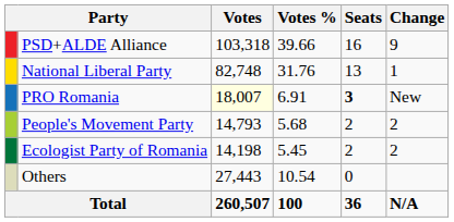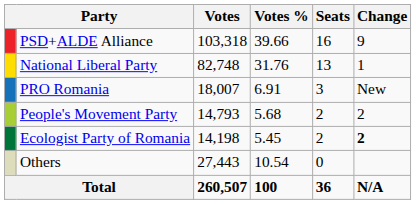 <table class="wikitable">
 <tr>
 <th colspan="2">Party</th>
 <th>Votes</th>
 <th>Votes %</th>
 <th>Seats</th>
 <th>Change</th>
 </tr>
 <tr>
 <td style="background:#ed2128;" width="5"></td>
 <td><a href='#'>PSD</a>+<a href='#'>ALDE</a> Alliance</td>
 <td>103,318</td>
 <td>39.66</td>
 <td>16</td>
 <td>9</td>
 </tr>
 <tr>
 <td style="background:#ffdd00;" width="5"></td>
 <td><a href='#'>National Liberal Party</a></td>
 <td>82,748</td>
 <td>31.76</td>
 <td>13</td>
 <td>1</td>
 </tr>
 <tr>
 <td style="background:#1572ba;" width="5"></td>
 <td><a href='#'>PRO Romania</a></td>
-<td style="background: lightyellow;">18,007</td>
+<td>18,007</td>
 <td>6.91</td>
-<td><strong>3</strong></td>
+<td>3</td>
 <td>New</td>
 </tr>
 <tr>
 <td style="background:#a7cf35;" width="5"></td>
 <td><a href='#'>People's Movement Party</a></td>
 <td>14,793</td>
 <td>5.68</td>
 <td>2</td>
 <td>2</td>
 </tr>
 <tr>
 <td style="background:#00753A;" width="5"></td>
 <td><a href='#'>Ecologist Party of Romania</a></td>
 <td>14,198</td>
 <td>5.45</td>
 <td>2</td>
-<td>2</td>
+<td><strong>2</strong></td>
 </tr>
 <tr>
 <td style="background:#ddddbb;" width="5"></td>
 <td>Others</td>
 <td>27,443</td>
 <td>10.54</td>
 <td>0</td>
 <td></td>
 </tr>
 <tr>
 <th colspan="2">Total</th>
 <td><strong>260,507</strong></td>
 <td><strong>100</strong></td>
 <td><strong>36</strong></td>
 <td><strong>N/A</strong></td>
 </tr>
 </table>
